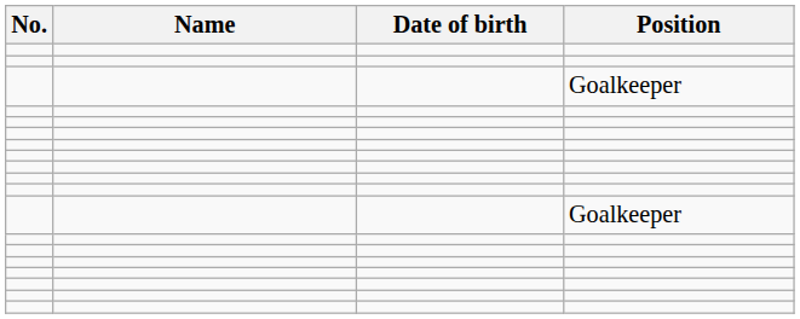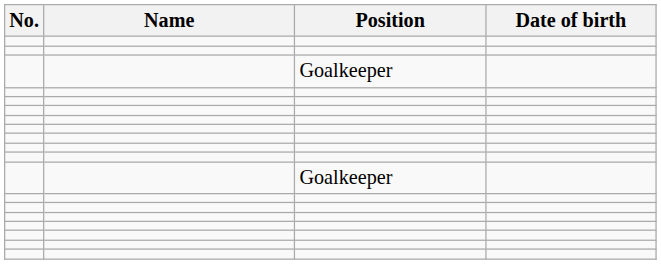 <table class="wikitable sortable" style=font-size:100%; text-align:center;>
 <tr>
 <th>No.</th>
 <th style=width:12em>Name</th>
+<th style=width:9em>Position</th>
 <th style=width:8em>Date of birth</th>
-<th style=width:9em>Position</th>
 </tr>
 <tr>
 <td></td>
 <td align=left></td>
+<td></td>
 <td align=right></td>
-<td></td>
 </tr>
 <tr>
 <td></td>
 <td align=left></td>
+<td></td>
 <td align=right></td>
-<td></td>
 </tr>
 <tr>
 <td></td>
 <td align=left></td>
+<td>Goalkeeper</td>
 <td align=right></td>
-<td>Goalkeeper</td>
 </tr>
 <tr>
 <td></td>
 <td align=left></td>
+<td></td>
 <td align=right></td>
-<td></td>
 </tr>
 <tr>
 <td></td>
 <td align=left></td>
+<td></td>
 <td align=right></td>
-<td></td>
 </tr>
 <tr>
 <td></td>
 <td align=left></td>
+<td></td>
 <td align=right></td>
-<td></td>
 </tr>
 <tr>
 <td></td>
 <td align=left></td>
+<td></td>
 <td align=right></td>
-<td></td>
 </tr>
 <tr>
 <td></td>
 <td align=left></td>
+<td></td>
 <td align=right></td>
-<td></td>
 </tr>
 <tr>
 <td></td>
 <td align=left></td>
+<td></td>
 <td align=right></td>
-<td></td>
 </tr>
 <tr>
 <td></td>
 <td align=left></td>
+<td></td>
 <td align=right></td>
-<td></td>
 </tr>
 <tr>
 <td></td>
 <td align=left></td>
+<td></td>
 <td align=right></td>
-<td></td>
 </tr>
 <tr>
 <td></td>
 <td align=left></td>
+<td>Goalkeeper</td>
 <td align=right></td>
-<td>Goalkeeper</td>
 </tr>
 <tr>
 <td></td>
 <td align=left></td>
+<td></td>
 <td align=right></td>
-<td></td>
 </tr>
 <tr>
 <td></td>
 <td align=left></td>
+<td></td>
 <td align=right></td>
-<td></td>
 </tr>
 <tr>
 <td></td>
 <td align=left></td>
+<td></td>
 <td align=right></td>
-<td></td>
 </tr>
 <tr>
 <td></td>
 <td align=left></td>
+<td></td>
 <td align=right></td>
-<td></td>
 </tr>
 <tr>
 <td></td>
 <td align=left></td>
+<td></td>
 <td align=right></td>
-<td></td>
 </tr>
 <tr>
 <td></td>
 <td align=left></td>
+<td></td>
 <td align=right></td>
-<td></td>
 </tr>
 <tr>
 <td></td>
 <td align=left></td>
+<td></td>
 <td align=right></td>
-<td></td>
 </tr>
 </table>
